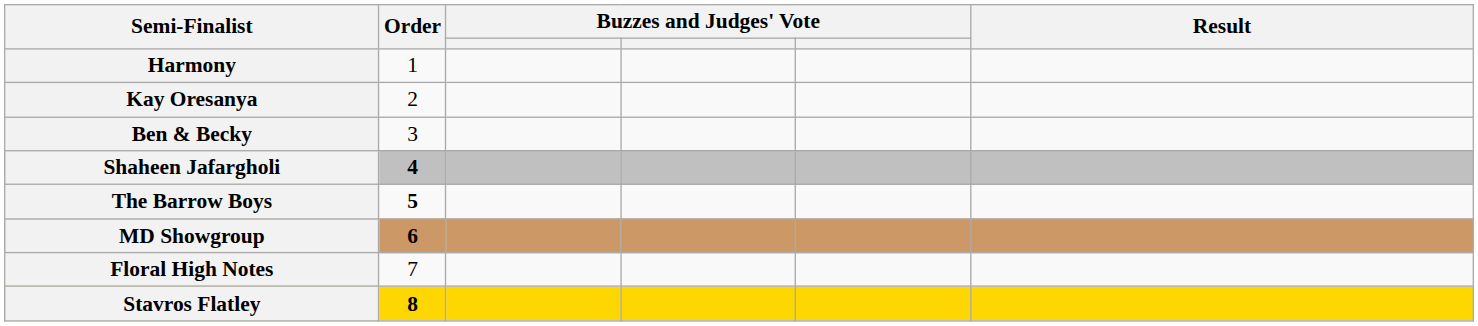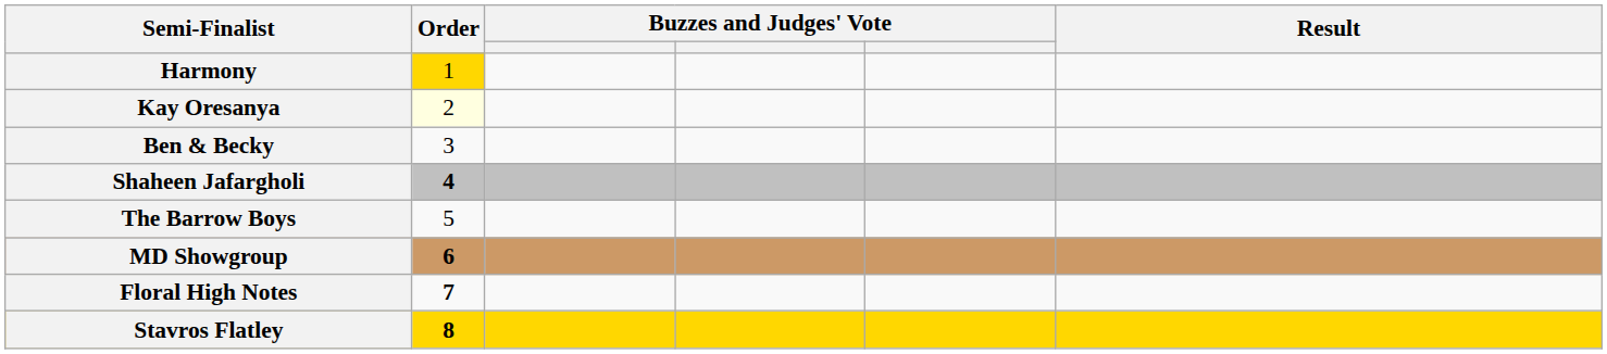 <table class="wikitable plainrowheaders sortable" style="text-align:center;">
 <tr>
 <th scope="col" rowspan=2 class="unsortable" style="width:17em;">Semi-Finalist</th>
 <th scope="col" rowspan=2 style="width:1em;">Order</th>
 <th scope="col" colspan=3 class="unsortable" style="width:24em;">Buzzes and Judges' Vote</th>
 <th scope="col" rowspan=2 style="width:23em;">Result </th>
 </tr>
 <tr>
 <th scope="col" class="unsortable" style="width:6em;"></th>
 <th scope="col" class="unsortable" style="width:6em;"></th>
 <th scope="col" class="unsortable" style="width:6em;"></th>
 </tr>
 <tr>
 <th scope="row">Harmony</th>
-<td>1</td>
+<td style="background: gold;">1</td>
 <td style="text-align:center;"></td>
 <td style="text-align:center;"></td>
 <td style="text-align:center;"></td>
 <td></td>
 </tr>
 <tr>
 <th scope="row">Kay Oresanya</th>
-<td>2</td>
+<td style="background: lightyellow;">2</td>
 <td style="text-align:center;"></td>
 <td style="text-align:center;"></td>
 <td style="text-align:center;"></td>
 <td></td>
 </tr>
 <tr>
 <th scope="row">Ben & Becky</th>
 <td>3</td>
 <td style="text-align:center;"></td>
 <td style="text-align:center;"></td>
 <td style="text-align:center;"></td>
 <td></td>
 </tr>
 <tr bgcolor=silver>
 <th scope="row"><strong>Shaheen Jafargholi</strong></th>
 <td><strong>4</strong></td>
 <td style="text-align:center;"></td>
 <td style="text-align:center;"></td>
 <td style="text-align:center;"></td>
 <td><strong></strong></td>
 </tr>
 <tr>
 <th scope="row">The Barrow Boys</th>
-<td><strong>5</strong></td>
+<td>5</td>
 <td style="text-align:center;"></td>
 <td style="text-align:center;"></td>
 <td style="text-align:center;"></td>
 <td></td>
 </tr>
 <tr bgcolor=#c96>
 <th scope="row"><strong>MD Showgroup</strong></th>
 <td><strong>6</strong></td>
 <td style="text-align:center;"></td>
 <td style="text-align:center;"></td>
 <td style="text-align:center;"></td>
 <td><strong></strong></td>
 </tr>
 <tr>
 <th scope="row">Floral High Notes</th>
-<td>7</td>
+<td><strong>7</strong></td>
 <td style="text-align:center;"></td>
 <td style="text-align:center;"></td>
 <td style="text-align:center;"></td>
 <td></td>
 </tr>
 <tr bgcolor=gold>
 <th scope="row"><strong>Stavros Flatley</strong></th>
 <td><strong>8</strong></td>
 <td style="text-align:center;"></td>
 <td style="text-align:center;"></td>
 <td style="text-align:center;"></td>
 <td><strong></strong></td>
 </tr>
 </table>
